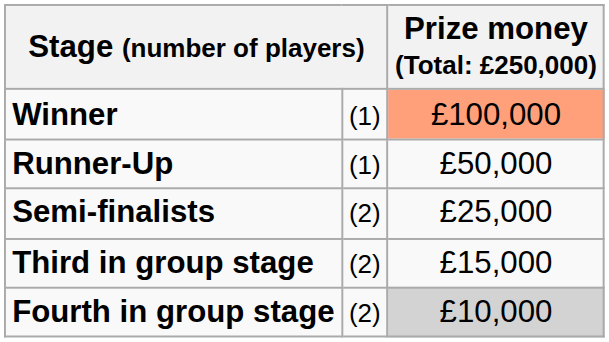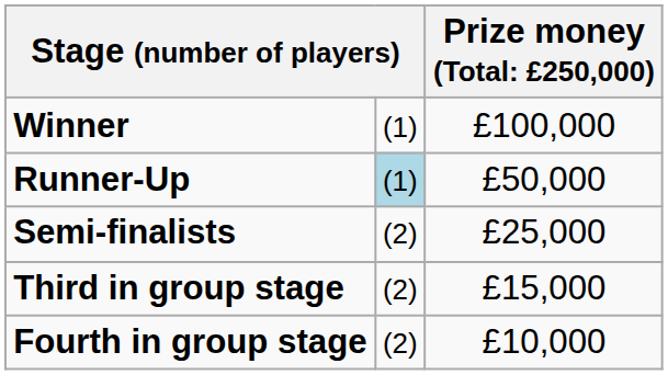 <table class="wikitable">
 <tr>
 <th colspan=2>Stage <small>(number of players)</small></th>
 <th>Prize money<br><small>(Total: £250,000)</small></th>
 </tr>
 <tr>
 <td><strong>Winner</strong></td>
 <td align=center><small>(1)</small></td>
-<td align=center style="background: lightsalmon;">£100,000</td>
+<td align=center>£100,000</td>
 </tr>
 <tr>
 <td><strong>Runner-Up</strong></td>
-<td align=center><small>(1)</small></td>
+<td align=center style="background: lightblue;"><small>(1)</small></td>
 <td align=center>£50,000</td>
 </tr>
 <tr>
 <td><strong>Semi-finalists</strong></td>
 <td align=center><small>(2)</small></td>
 <td align=center>£25,000</td>
 </tr>
 <tr>
 <td><strong>Third in group stage</strong></td>
 <td align=center><small>(2)</small></td>
 <td align=center>£15,000</td>
 </tr>
 <tr>
 <td><strong>Fourth in group stage</strong></td>
 <td align=center><small>(2)</small></td>
-<td align=center style="background: lightgrey;">£10,000</td>
+<td align=center>£10,000</td>
 </tr>
 </table>
